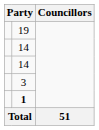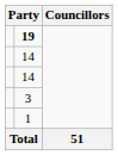 <table class="wikitable">
 <tr>
 <th colspan=2>Party</th>
 <th>Councillors</th>
 </tr>
 <tr>
 <td></td>
-<td align=center>19</td>
+<td align=center><strong>19</strong></td>
 </tr>
 <tr>
 <td></td>
 <td align=center>14</td>
 </tr>
 <tr>
 <td></td>
 <td align=center>14</td>
 </tr>
 <tr>
 <td></td>
 <td align=center>3</td>
 </tr>
 <tr>
 <td></td>
-<td align=center><strong>1</strong></td>
+<td align=center>1</td>
 </tr>
 <tr>
 <th colspan=2>Total</th>
 <th>51</th>
 </tr>
 </table>
